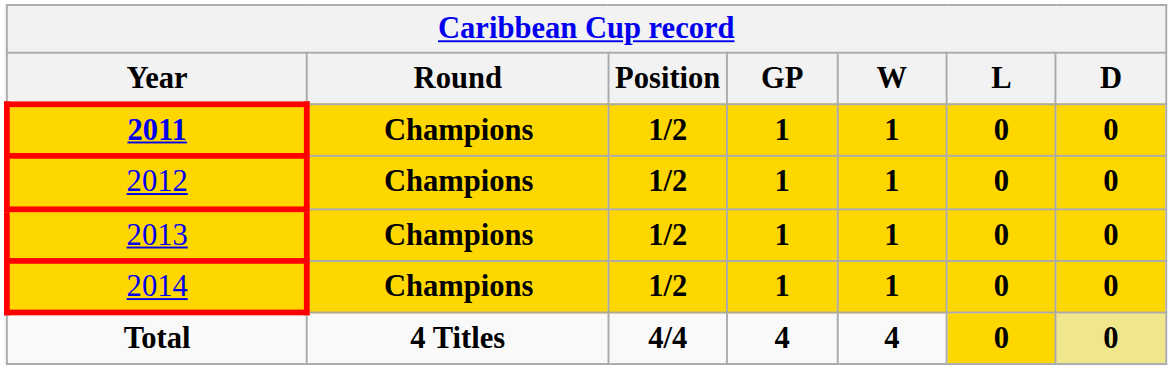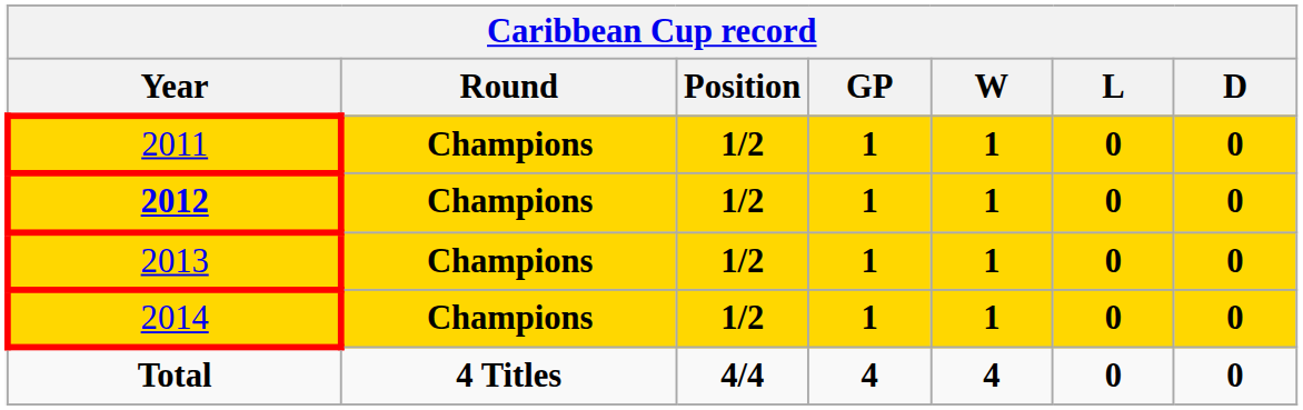 <table class="wikitable" style="text-align: center;">
 <tr>
 <th colspan=9><a href='#'>Caribbean Cup record</a></th>
 </tr>
 <tr>
 <th width=150>Year</th>
 <th width=150>Round</th>
 <th width=50>Position</th>
 <th width=50>GP</th>
 <th width=50>W</th>
 <th width=50>L</th>
 <th width=50>D</th>
 </tr>
 <tr bgcolor="gold">
-<td style="border: 3px solid red"><strong> <a href='#'>2011</a></strong></td>
+<td style="border: 3px solid red"> <a href='#'>2011</a></td>
 <td><strong>Champions</strong></td>
 <td><strong>1/2</strong></td>
 <td><strong>1</strong></td>
 <td><strong>1</strong></td>
 <td><strong>0</strong></td>
 <td><strong>0</strong></td>
 </tr>
 <tr bgcolor="gold">
-<td style="border: 3px solid red"> <a href='#'>2012</a></td>
+<td style="border: 3px solid red"><strong> <a href='#'>2012</a></strong></td>
 <td><strong>Champions</strong></td>
 <td><strong>1/2</strong></td>
 <td><strong>1</strong></td>
 <td><strong>1</strong></td>
 <td><strong>0</strong></td>
 <td><strong>0</strong></td>
 </tr>
 <tr bgcolor="gold">
 <td style="border: 3px solid red"> <a href='#'>2013</a></td>
 <td><strong>Champions</strong></td>
 <td><strong>1/2</strong></td>
 <td><strong>1</strong></td>
 <td><strong>1</strong></td>
 <td><strong>0</strong></td>
 <td><strong>0</strong></td>
 </tr>
 <tr bgcolor="gold">
 <td style="border: 3px solid red"> <a href='#'>2014</a></td>
 <td><strong>Champions</strong></td>
 <td><strong>1/2</strong></td>
 <td><strong>1</strong></td>
 <td><strong>1</strong></td>
 <td><strong>0</strong></td>
 <td><strong>0</strong></td>
 </tr>
 <tr>
 <td><strong>Total</strong></td>
 <td><strong>4 Titles</strong></td>
 <td><strong>4/4</strong></td>
 <td><strong>4</strong></td>
 <td><strong>4</strong></td>
-<td style="background: gold;"><strong>0</strong></td>
-<td style="background: khaki;"><strong>0</strong></td>
+<td><strong>0</strong></td>
+<td><strong>0</strong></td>
 </tr>
 </table>
